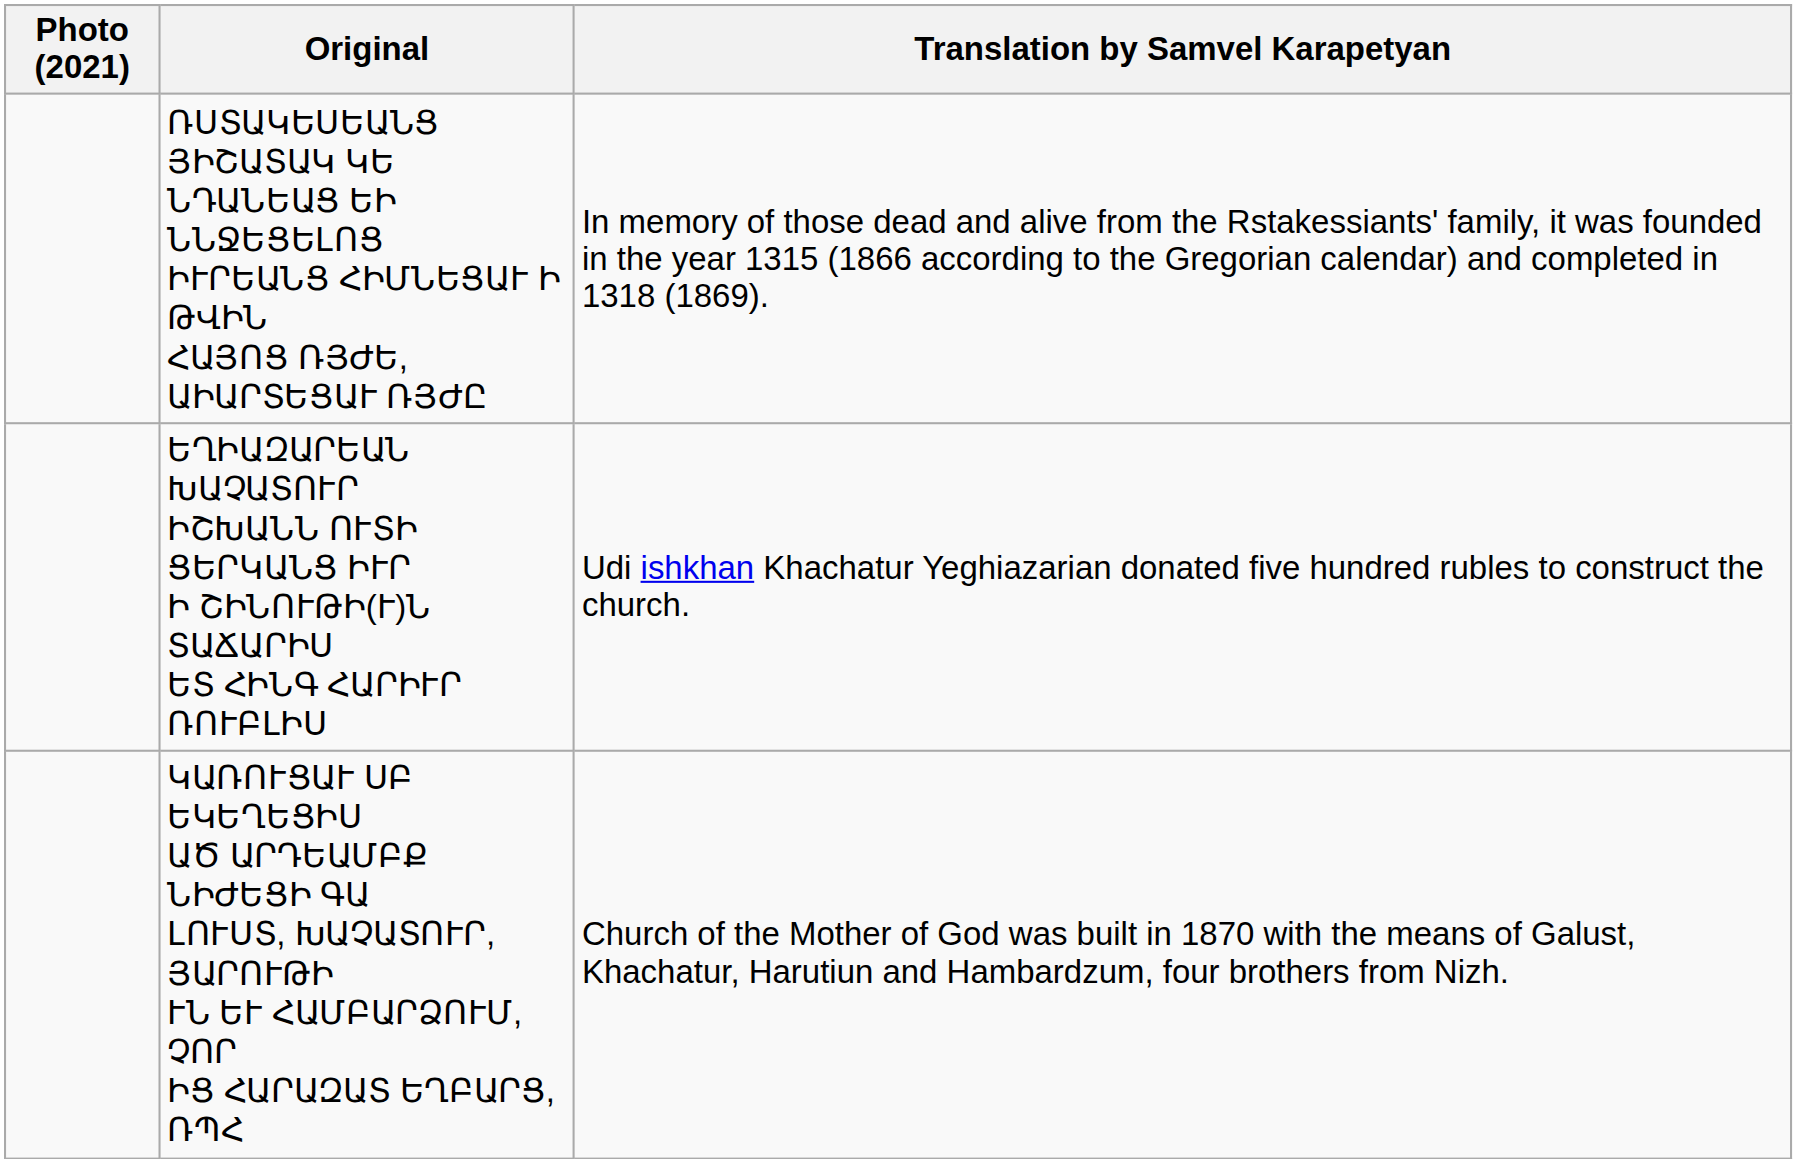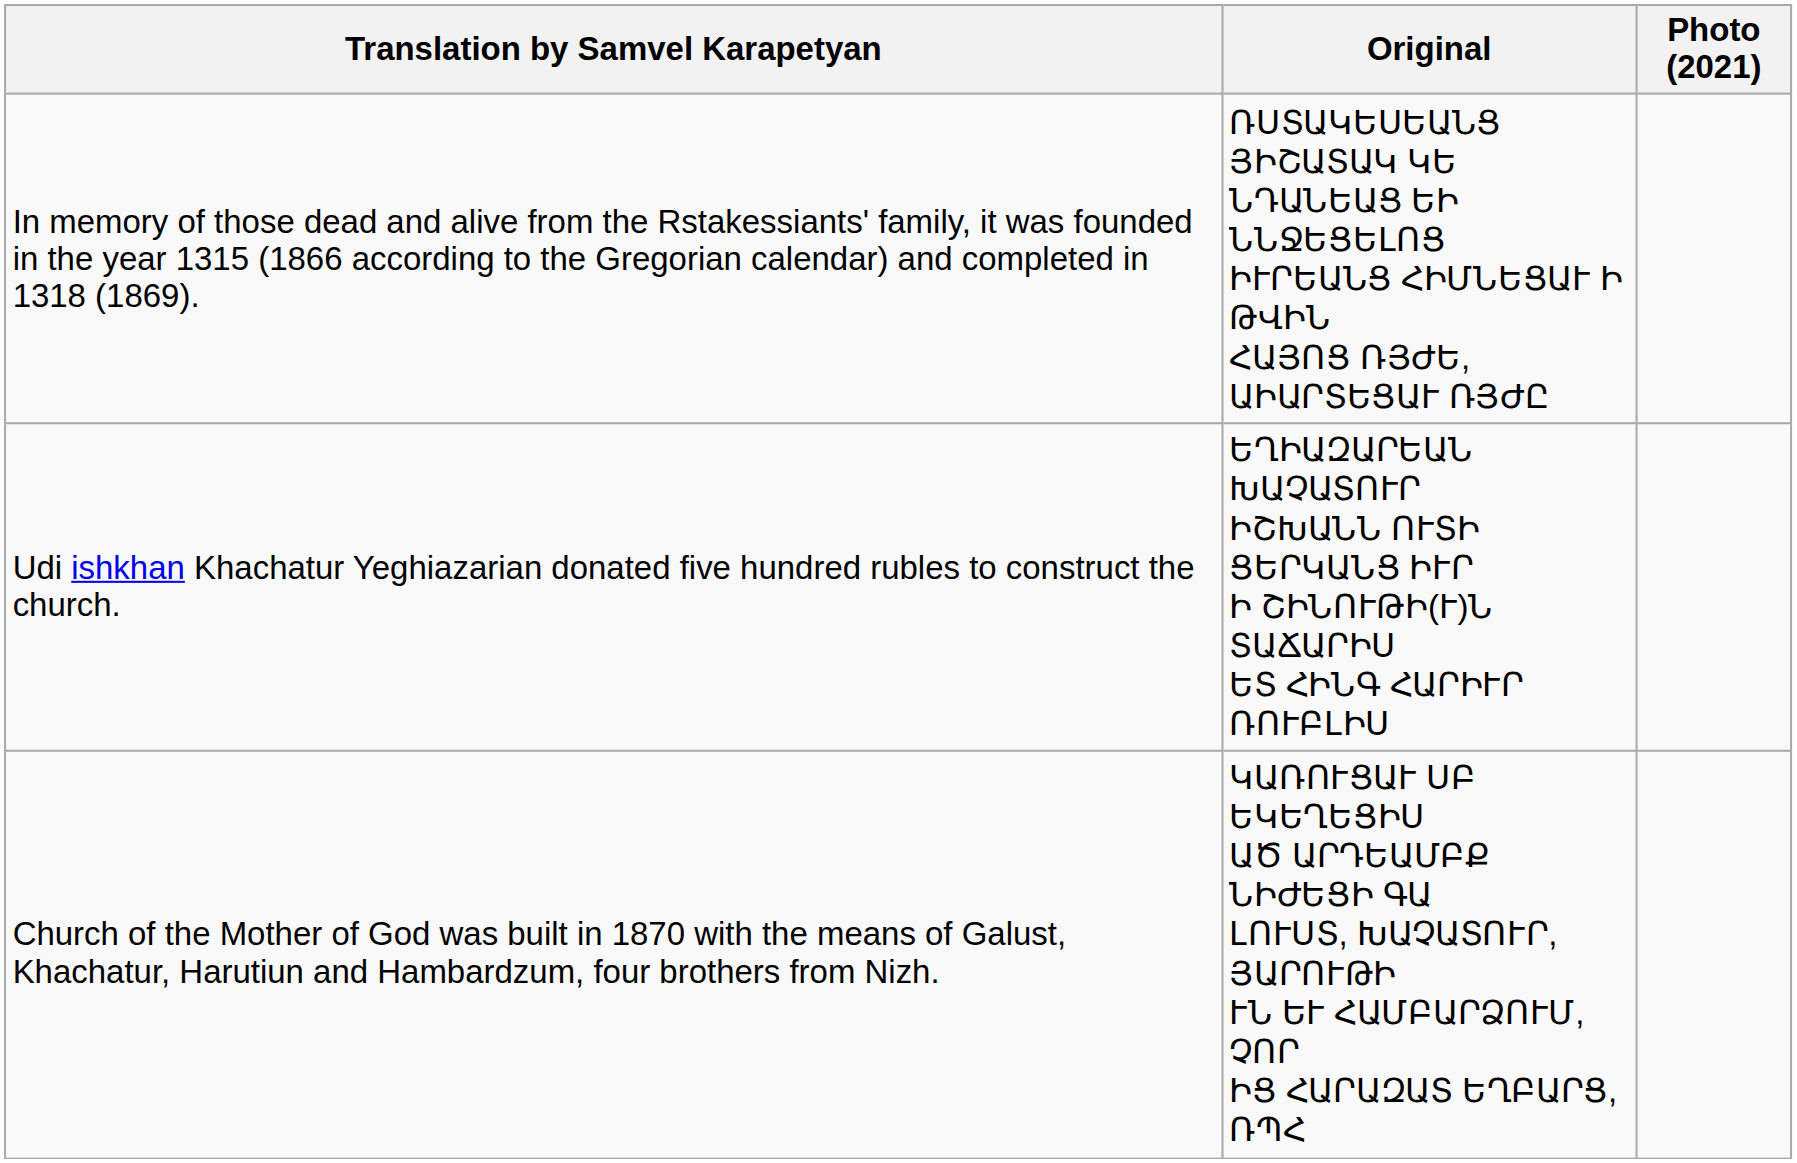 <table class="wikitable">
 <tr>
+<th>Translation by Samvel Karapetyan</th>
+<th>Original</th>
 <th>Photo (2021)</th>
-<th>Original</th>
-<th>Translation by Samvel Karapetyan</th>
 </tr>
 <tr>
+<td>In memory of those dead and alive from the Rstakessiants' family, it was founded in the year 1315 (1866 according to the Gregorian calendar) and completed in 1318 (1869).</td>
+<td>ՌՍՏԱԿԵՍԵԱՆՑ ՅԻՇԱՏԱԿ ԿԵ<br>ՆԴԱՆԵԱՑ ԵԻ ՆՆՋԵՑԵԼՈՑ<br>ԻՒՐԵԱՆՑ ՀԻՄՆԵՑԱՒ Ի ԹՎԻՆ<br>ՀԱՅՈՑ ՌՅԺԵ, ԱԻԱՐՏԵՑԱՒ ՌՅԺԸ</td>
 <td></td>
-<td>ՌՍՏԱԿԵՍԵԱՆՑ ՅԻՇԱՏԱԿ ԿԵ<br>ՆԴԱՆԵԱՑ ԵԻ ՆՆՋԵՑԵԼՈՑ<br>ԻՒՐԵԱՆՑ ՀԻՄՆԵՑԱՒ Ի ԹՎԻՆ<br>ՀԱՅՈՑ ՌՅԺԵ, ԱԻԱՐՏԵՑԱՒ ՌՅԺԸ</td>
-<td>In memory of those dead and alive from the Rstakessiants' family, it was founded in the year 1315 (1866 according to the Gregorian calendar) and completed in 1318 (1869).</td>
 </tr>
 <tr>
+<td>Udi <a href='#'>ishkhan</a> Khachatur Yeghiazarian donated five hundred rubles to construct the church.</td>
+<td>ԵՂԻԱԶԱՐԵԱՆ<br>ԽԱՉԱՏՈՒՐ<br>ԻՇԽԱՆՆ ՈՒՏԻ<br>ՑԵՐԿԱՆՑ ԻՒՐ<br>Ի ՇԻՆՈՒԹԻ(Ւ)Ն<br>ՏԱՃԱՐԻՍ<br>ԵՏ ՀԻՆԳ ՀԱՐԻՒՐ<br>ՌՈՒԲԼԻՍ</td>
 <td></td>
-<td>ԵՂԻԱԶԱՐԵԱՆ<br>ԽԱՉԱՏՈՒՐ<br>ԻՇԽԱՆՆ ՈՒՏԻ<br>ՑԵՐԿԱՆՑ ԻՒՐ<br>Ի ՇԻՆՈՒԹԻ(Ւ)Ն<br>ՏԱՃԱՐԻՍ<br>ԵՏ ՀԻՆԳ ՀԱՐԻՒՐ<br>ՌՈՒԲԼԻՍ</td>
-<td>Udi <a href='#'>ishkhan</a> Khachatur Yeghiazarian donated five hundred rubles to construct the church.</td>
 </tr>
 <tr>
+<td>Church of the Mother of God was built in 1870 with the means of Galust, Khachatur, Harutiun and Hambardzum, four brothers from Nizh.</td>
+<td>ԿԱՌՈՒՑԱՒ ՍԲ ԵԿԵՂԵՑԻՍ<br>ԱԾ ԱՐԴԵԱՄԲՔ ՆԻԺԵՑԻ ԳԱ<br>ԼՈՒՍՏ, ԽԱՉԱՏՈՒՐ, ՅԱՐՈՒԹԻ<br>ՒՆ ԵՒ ՀԱՄԲԱՐՁՈՒՄ, ՉՈՐ<br>ԻՑ ՀԱՐԱԶԱՏ ԵՂԲԱՐՑ, ՌՊՀ</td>
 <td></td>
-<td>ԿԱՌՈՒՑԱՒ ՍԲ ԵԿԵՂԵՑԻՍ<br>ԱԾ ԱՐԴԵԱՄԲՔ ՆԻԺԵՑԻ ԳԱ<br>ԼՈՒՍՏ, ԽԱՉԱՏՈՒՐ, ՅԱՐՈՒԹԻ<br>ՒՆ ԵՒ ՀԱՄԲԱՐՁՈՒՄ, ՉՈՐ<br>ԻՑ ՀԱՐԱԶԱՏ ԵՂԲԱՐՑ, ՌՊՀ</td>
-<td>Church of the Mother of God was built in 1870 with the means of Galust, Khachatur, Harutiun and Hambardzum, four brothers from Nizh.</td>
 </tr>
 </table>
